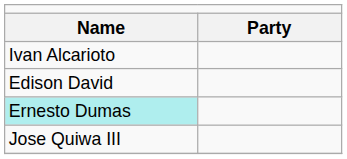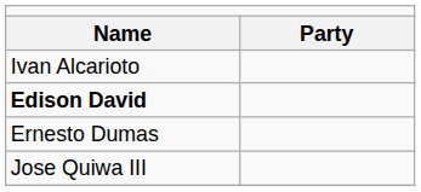 <table class=wikitable style="font-size:90%">
 <tr>
 <td colspan=4 bgcolor=></td>
 </tr>
 <tr>
 <th width=150px>Name</th>
 <th colspan=2 width=110px>Party</th>
 </tr>
 <tr>
 <td>Ivan Alcarioto</td>
 <td></td>
 </tr>
 <tr>
-<td>Edison David</td>
+<td><strong>Edison David</strong></td>
 <td></td>
 </tr>
 <tr>
-<td style="background: paleturquoise;">Ernesto Dumas</td>
+<td>Ernesto Dumas</td>
 <td></td>
 </tr>
 <tr>
 <td>Jose Quiwa III</td>
 <td></td>
 </tr>
 <tr>
 </tr>
 </table>
